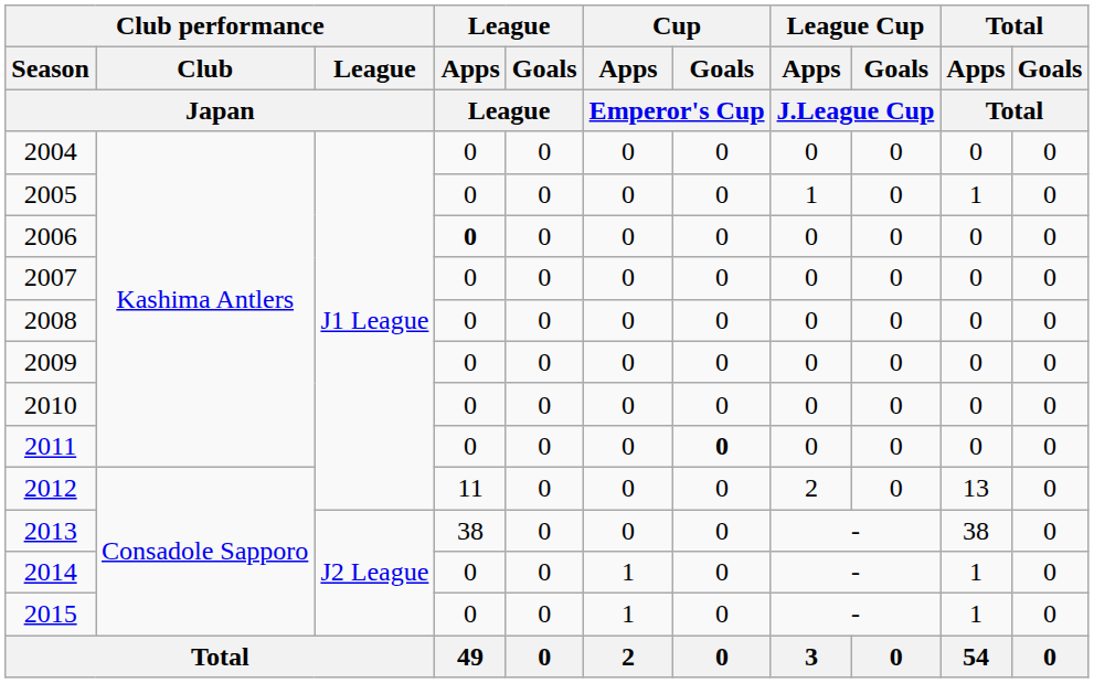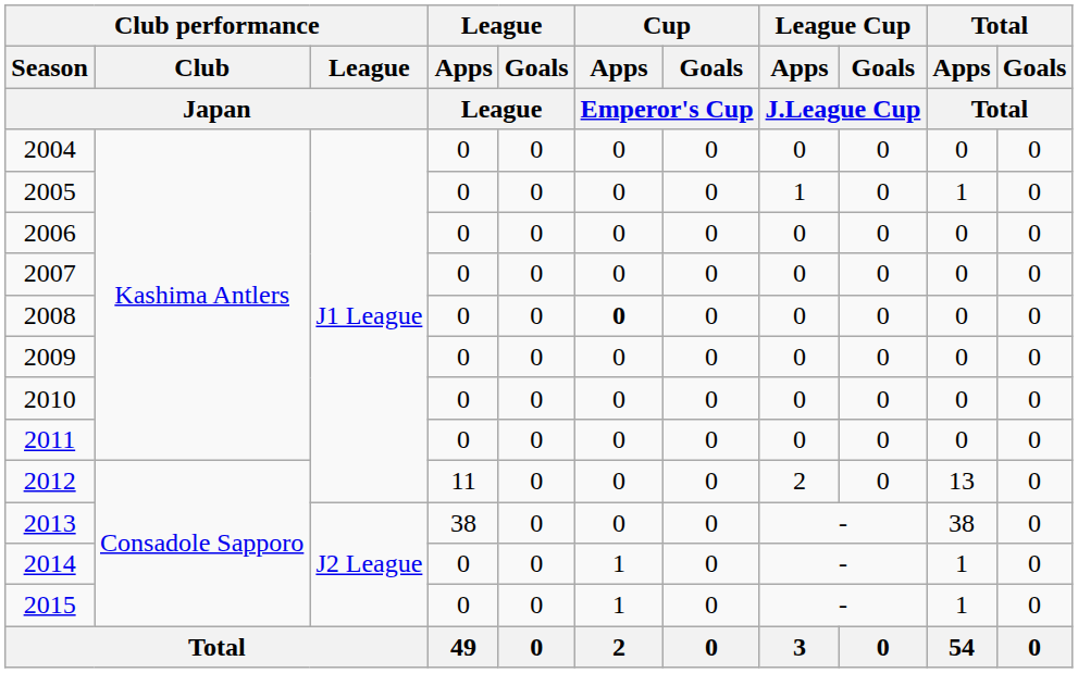 <table class="wikitable" style="text-align:center;">
 <tr>
 <th colspan=3>Club performance</th>
 <th colspan=2>League</th>
 <th colspan=2>Cup</th>
 <th colspan=2>League Cup</th>
 <th colspan=2>Total</th>
 </tr>
 <tr>
 <th>Season</th>
 <th>Club</th>
 <th>League</th>
 <th>Apps</th>
 <th>Goals</th>
 <th>Apps</th>
 <th>Goals</th>
 <th>Apps</th>
 <th>Goals</th>
 <th>Apps</th>
 <th>Goals</th>
 </tr>
 <tr>
 <th colspan=3>Japan</th>
 <th colspan=2>League</th>
 <th colspan=2><a href='#'>Emperor's Cup</a></th>
 <th colspan=2><a href='#'>J.League Cup</a></th>
 <th colspan=2>Total</th>
 </tr>
 <tr>
 <td>2004</td>
 <td rowspan="8"><a href='#'>Kashima Antlers</a></td>
 <td rowspan="9"><a href='#'>J1 League</a></td>
 <td>0</td>
 <td>0</td>
 <td>0</td>
 <td>0</td>
 <td>0</td>
 <td>0</td>
 <td>0</td>
 <td>0</td>
 </tr>
 <tr>
 <td>2005</td>
 <td>0</td>
 <td>0</td>
 <td>0</td>
 <td>0</td>
 <td>1</td>
 <td>0</td>
 <td>1</td>
 <td>0</td>
 </tr>
 <tr>
 <td>2006</td>
-<td><strong>0</strong></td>
+<td>0</td>
 <td>0</td>
 <td>0</td>
 <td>0</td>
 <td>0</td>
 <td>0</td>
 <td>0</td>
 <td>0</td>
 </tr>
 <tr>
 <td>2007</td>
 <td>0</td>
 <td>0</td>
 <td>0</td>
 <td>0</td>
 <td>0</td>
 <td>0</td>
 <td>0</td>
 <td>0</td>
 </tr>
 <tr>
 <td>2008</td>
 <td>0</td>
 <td>0</td>
-<td>0</td>
+<td><strong>0</strong></td>
 <td>0</td>
 <td>0</td>
 <td>0</td>
 <td>0</td>
 <td>0</td>
 </tr>
 <tr>
 <td>2009</td>
 <td>0</td>
 <td>0</td>
 <td>0</td>
 <td>0</td>
 <td>0</td>
 <td>0</td>
 <td>0</td>
 <td>0</td>
 </tr>
 <tr>
 <td>2010</td>
 <td>0</td>
 <td>0</td>
 <td>0</td>
 <td>0</td>
 <td>0</td>
 <td>0</td>
 <td>0</td>
 <td>0</td>
 </tr>
 <tr>
 <td><a href='#'>2011</a></td>
 <td>0</td>
 <td>0</td>
 <td>0</td>
-<td><strong>0</strong></td>
+<td>0</td>
 <td>0</td>
 <td>0</td>
 <td>0</td>
 <td>0</td>
 </tr>
 <tr>
 <td><a href='#'>2012</a></td>
 <td rowspan="4"><a href='#'>Consadole Sapporo</a></td>
 <td>11</td>
 <td>0</td>
 <td>0</td>
 <td>0</td>
 <td>2</td>
 <td>0</td>
 <td>13</td>
 <td>0</td>
 </tr>
 <tr>
 <td><a href='#'>2013</a></td>
 <td rowspan="3"><a href='#'>J2 League</a></td>
 <td>38</td>
 <td>0</td>
 <td>0</td>
 <td>0</td>
 <td colspan="2">-</td>
 <td>38</td>
 <td>0</td>
 </tr>
 <tr>
 <td><a href='#'>2014</a></td>
 <td>0</td>
 <td>0</td>
 <td>1</td>
 <td>0</td>
 <td colspan="2">-</td>
 <td>1</td>
 <td>0</td>
 </tr>
 <tr>
 <td><a href='#'>2015</a></td>
 <td>0</td>
 <td>0</td>
 <td>1</td>
 <td>0</td>
 <td colspan="2">-</td>
 <td>1</td>
 <td>0</td>
 </tr>
 <tr>
 <th colspan=3>Total</th>
 <th>49</th>
 <th>0</th>
 <th>2</th>
 <th>0</th>
 <th>3</th>
 <th>0</th>
 <th>54</th>
 <th>0</th>
 </tr>
 </table>
